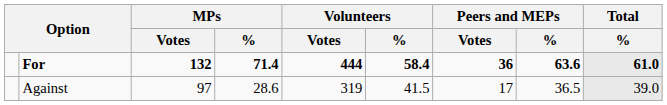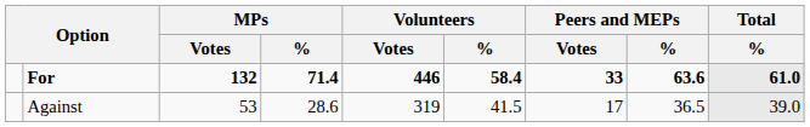 <table class=wikitable style="font-size:95%;">
 <tr>
 <th colspan="2" scope="col" rowspan="2" style="width:125px;">Option</th>
 <th scope="col" colspan="2" style="width:150px;">MPs</th>
 <th scope="col" colspan="2" style="width:150px;">Volunteers</th>
 <th scope="col" colspan="2" style="width:150px;">Peers and MEPs</th>
 <th scope="col" colspan="2" style="width:75px;">Total</th>
 </tr>
 <tr>
 <th>Votes</th>
 <th>%</th>
 <th>Votes</th>
 <th>%</th>
 <th>Votes</th>
 <th>%</th>
 <th>%</th>
 </tr>
 <tr style="text-align:right;">
 <td style="background-color: "></td>
 <td style="text-align:left;"><strong>For</strong> </td>
 <td><strong>132</strong></td>
 <td><strong>71.4</strong></td>
-<td><strong>444</strong></td>
+<td><strong>446</strong></td>
 <td><strong>58.4</strong></td>
-<td><strong>36</strong></td>
+<td><strong>33</strong></td>
 <td><strong>63.6</strong></td>
 <td style="background:#e9e9e9;"><strong>61.0</strong></td>
 </tr>
 <tr style="text-align:right;">
 <td style="background-color: "></td>
 <td style="text-align:left;">Against</td>
-<td>97</td>
+<td>53</td>
 <td>28.6</td>
 <td>319</td>
 <td>41.5</td>
 <td>17</td>
 <td>36.5</td>
 <td style="background:#e9e9e9;">39.0</td>
 </tr>
 </table>
